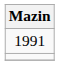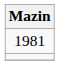 <table class="wikitable" style="margin: 0.5em auto; text-align: center;">
 <tr>
 <th colspan="1">Mazin</th>
 </tr>
 <tr>
-<td>1991</td>
+<td>1981</td>
 </tr>
 <tr>
 <td></td>
 </tr>
 <tr>
 </tr>
 </table>
